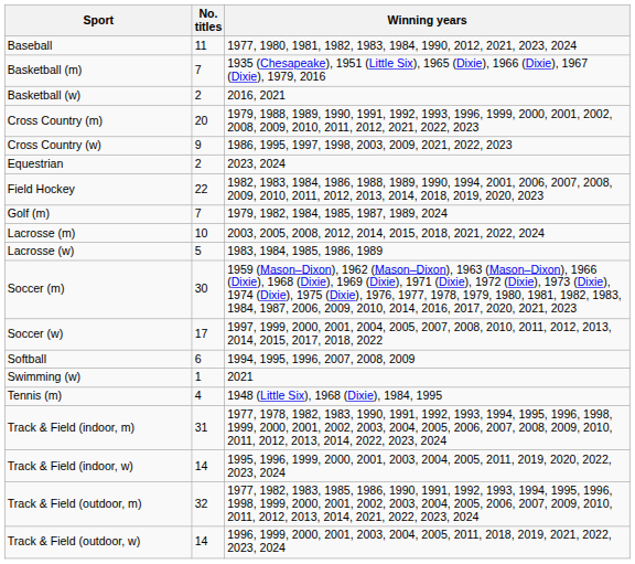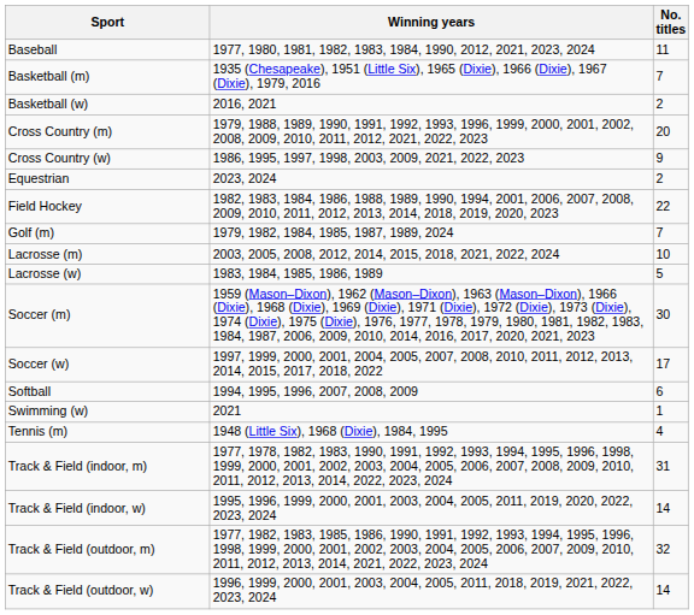 <table class="wikitable"; style=" ">
 <tr>
 <th width=250px>Sport</th>
+<th width=550px>Winning years</th>
 <th width=px>No.<br>titles</th>
-<th width=550px>Winning years</th>
 </tr>
 <tr>
 <td>Baseball</td>
+<td>1977, 1980, 1981, 1982, 1983, 1984, 1990, 2012, 2021, 2023, 2024</td>
 <td>11</td>
-<td>1977, 1980, 1981, 1982, 1983, 1984, 1990, 2012, 2021, 2023, 2024</td>
 </tr>
 <tr>
 <td>Basketball (m)</td>
+<td>1935 (<a href='#'>Chesapeake</a>), 1951 (<a href='#'>Little Six</a>), 1965 (<a href='#'>Dixie</a>), 1966 (<a href='#'>Dixie</a>), 1967 (<a href='#'>Dixie</a>), 1979, 2016</td>
 <td>7</td>
-<td>1935 (<a href='#'>Chesapeake</a>), 1951 (<a href='#'>Little Six</a>), 1965 (<a href='#'>Dixie</a>), 1966 (<a href='#'>Dixie</a>), 1967 (<a href='#'>Dixie</a>), 1979, 2016</td>
 </tr>
 <tr>
 <td>Basketball (w)</td>
+<td>2016, 2021</td>
 <td>2</td>
-<td>2016, 2021</td>
 </tr>
 <tr>
 <td>Cross Country (m)</td>
+<td>1979, 1988, 1989, 1990, 1991, 1992, 1993, 1996, 1999, 2000, 2001, 2002, 2008, 2009, 2010, 2011, 2012, 2021, 2022, 2023</td>
 <td>20</td>
-<td>1979, 1988, 1989, 1990, 1991, 1992, 1993, 1996, 1999, 2000, 2001, 2002, 2008, 2009, 2010, 2011, 2012, 2021, 2022, 2023</td>
 </tr>
 <tr>
 <td>Cross Country (w)</td>
+<td>1986, 1995, 1997, 1998, 2003, 2009, 2021, 2022, 2023</td>
 <td>9</td>
-<td>1986, 1995, 1997, 1998, 2003, 2009, 2021, 2022, 2023</td>
 </tr>
 <tr>
 <td>Equestrian</td>
+<td>2023, 2024</td>
 <td>2</td>
-<td>2023, 2024</td>
 </tr>
 <tr>
 <td>Field Hockey</td>
+<td>1982, 1983, 1984, 1986, 1988, 1989, 1990, 1994, 2001, 2006, 2007, 2008, 2009, 2010, 2011, 2012, 2013, 2014, 2018, 2019, 2020, 2023</td>
 <td>22</td>
-<td>1982, 1983, 1984, 1986, 1988, 1989, 1990, 1994, 2001, 2006, 2007, 2008, 2009, 2010, 2011, 2012, 2013, 2014, 2018, 2019, 2020, 2023</td>
 </tr>
 <tr>
 <td>Golf (m)</td>
+<td>1979, 1982, 1984, 1985, 1987, 1989, 2024</td>
 <td>7</td>
-<td>1979, 1982, 1984, 1985, 1987, 1989, 2024</td>
 </tr>
 <tr>
 <td>Lacrosse (m)</td>
+<td>2003, 2005, 2008, 2012, 2014, 2015, 2018, 2021, 2022, 2024</td>
 <td>10</td>
-<td>2003, 2005, 2008, 2012, 2014, 2015, 2018, 2021, 2022, 2024</td>
 </tr>
 <tr>
 <td>Lacrosse (w)</td>
+<td>1983, 1984, 1985, 1986, 1989</td>
 <td>5</td>
-<td>1983, 1984, 1985, 1986, 1989</td>
 </tr>
 <tr>
 <td>Soccer (m)</td>
+<td>1959 (<a href='#'>Mason–Dixon</a>), 1962 (<a href='#'>Mason–Dixon</a>), 1963 (<a href='#'>Mason–Dixon</a>), 1966 (<a href='#'>Dixie</a>), 1968 (<a href='#'>Dixie</a>), 1969 (<a href='#'>Dixie</a>), 1971 (<a href='#'>Dixie</a>), 1972 (<a href='#'>Dixie</a>), 1973 (<a href='#'>Dixie</a>), 1974 (<a href='#'>Dixie</a>), 1975 (<a href='#'>Dixie</a>), 1976, 1977, 1978, 1979, 1980, 1981, 1982, 1983, 1984, 1987, 2006, 2009, 2010, 2014, 2016, 2017, 2020, 2021, 2023</td>
 <td>30</td>
-<td>1959 (<a href='#'>Mason–Dixon</a>), 1962 (<a href='#'>Mason–Dixon</a>), 1963 (<a href='#'>Mason–Dixon</a>), 1966 (<a href='#'>Dixie</a>), 1968 (<a href='#'>Dixie</a>), 1969 (<a href='#'>Dixie</a>), 1971 (<a href='#'>Dixie</a>), 1972 (<a href='#'>Dixie</a>), 1973 (<a href='#'>Dixie</a>), 1974 (<a href='#'>Dixie</a>), 1975 (<a href='#'>Dixie</a>), 1976, 1977, 1978, 1979, 1980, 1981, 1982, 1983, 1984, 1987, 2006, 2009, 2010, 2014, 2016, 2017, 2020, 2021, 2023</td>
 </tr>
 <tr>
 <td>Soccer (w)</td>
+<td>1997, 1999, 2000, 2001, 2004, 2005, 2007, 2008, 2010, 2011, 2012, 2013, 2014, 2015, 2017, 2018, 2022</td>
 <td>17</td>
-<td>1997, 1999, 2000, 2001, 2004, 2005, 2007, 2008, 2010, 2011, 2012, 2013, 2014, 2015, 2017, 2018, 2022</td>
 </tr>
 <tr>
 <td>Softball</td>
+<td>1994, 1995, 1996, 2007, 2008, 2009</td>
 <td>6</td>
-<td>1994, 1995, 1996, 2007, 2008, 2009</td>
 </tr>
 <tr>
 <td>Swimming (w)</td>
+<td>2021</td>
 <td>1</td>
-<td>2021</td>
 </tr>
 <tr>
 <td>Tennis (m)</td>
+<td>1948 (<a href='#'>Little Six</a>), 1968 (<a href='#'>Dixie</a>), 1984, 1995</td>
 <td>4</td>
-<td>1948 (<a href='#'>Little Six</a>), 1968 (<a href='#'>Dixie</a>), 1984, 1995</td>
 </tr>
 <tr>
 <td>Track & Field (indoor, m)</td>
+<td>1977, 1978, 1982, 1983, 1990, 1991, 1992, 1993, 1994, 1995, 1996, 1998, 1999, 2000, 2001, 2002, 2003, 2004, 2005, 2006, 2007, 2008, 2009, 2010, 2011, 2012, 2013, 2014, 2022, 2023, 2024</td>
 <td>31</td>
-<td>1977, 1978, 1982, 1983, 1990, 1991, 1992, 1993, 1994, 1995, 1996, 1998, 1999, 2000, 2001, 2002, 2003, 2004, 2005, 2006, 2007, 2008, 2009, 2010, 2011, 2012, 2013, 2014, 2022, 2023, 2024</td>
 </tr>
 <tr>
 <td>Track & Field (indoor, w)</td>
+<td>1995, 1996, 1999, 2000, 2001, 2003, 2004, 2005, 2011, 2019, 2020, 2022, 2023, 2024</td>
 <td>14</td>
-<td>1995, 1996, 1999, 2000, 2001, 2003, 2004, 2005, 2011, 2019, 2020, 2022, 2023, 2024</td>
 </tr>
 <tr>
 <td>Track & Field (outdoor, m)</td>
+<td>1977, 1982, 1983, 1985, 1986, 1990, 1991, 1992, 1993, 1994, 1995, 1996, 1998, 1999, 2000, 2001, 2002, 2003, 2004, 2005, 2006, 2007, 2009, 2010, 2011, 2012, 2013, 2014, 2021, 2022, 2023, 2024</td>
 <td>32</td>
-<td>1977, 1982, 1983, 1985, 1986, 1990, 1991, 1992, 1993, 1994, 1995, 1996, 1998, 1999, 2000, 2001, 2002, 2003, 2004, 2005, 2006, 2007, 2009, 2010, 2011, 2012, 2013, 2014, 2021, 2022, 2023, 2024</td>
 </tr>
 <tr>
 <td>Track & Field (outdoor, w)</td>
+<td>1996, 1999, 2000, 2001, 2003, 2004, 2005, 2011, 2018, 2019, 2021, 2022, 2023, 2024</td>
 <td>14</td>
-<td>1996, 1999, 2000, 2001, 2003, 2004, 2005, 2011, 2018, 2019, 2021, 2022, 2023, 2024</td>
 </tr>
 </table>
